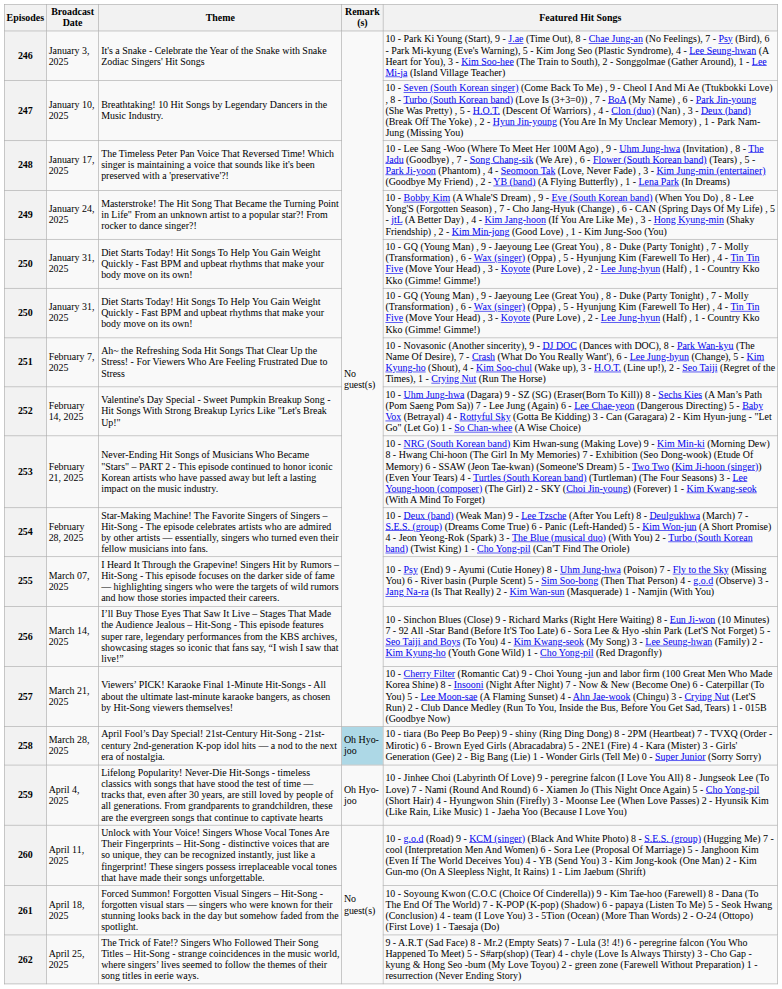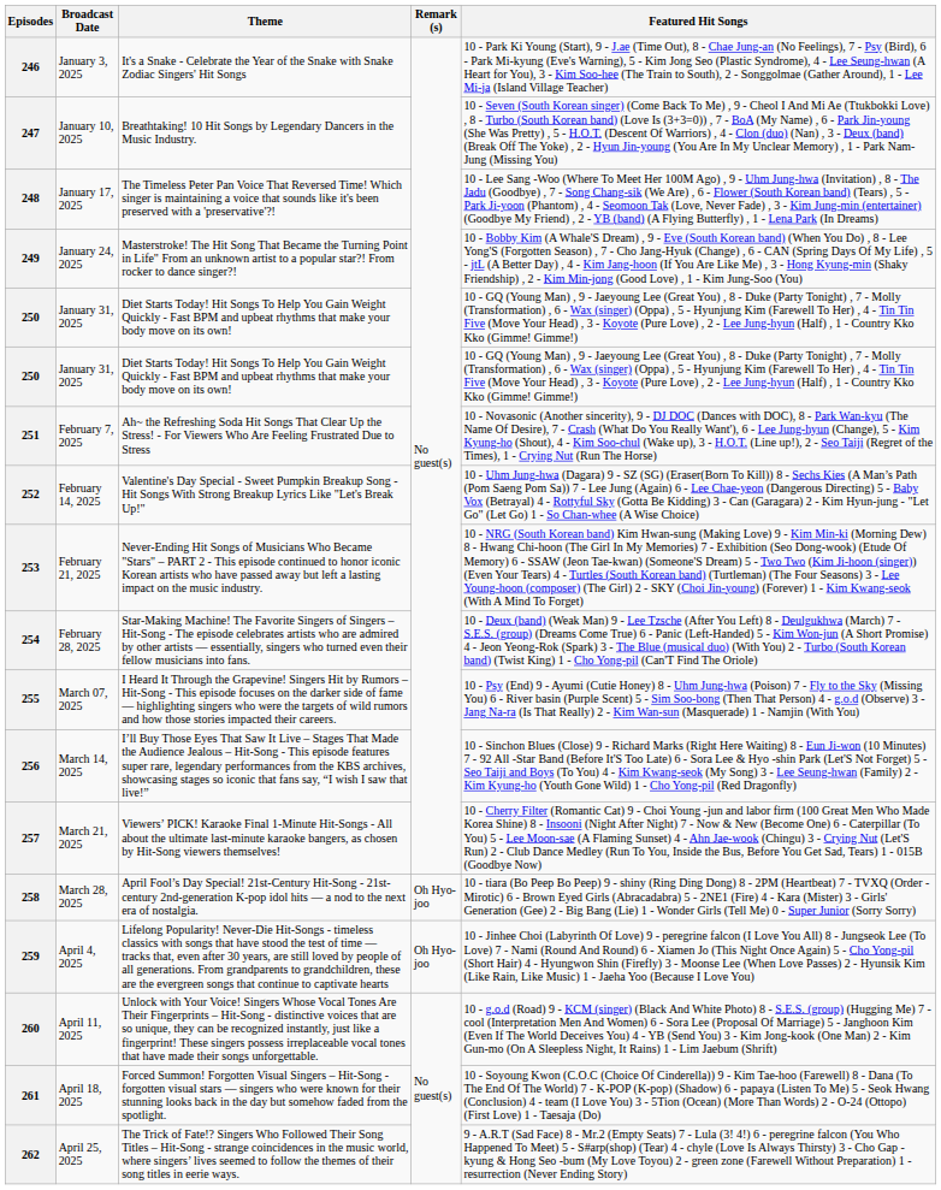 <table class="wikitable">
 <tr>
 <th>Episodes</th>
 <th>Broadcast Date</th>
 <th>Theme</th>
 <th>Remark (s)</th>
 <th>Featured Hit Songs</th>
 </tr>
 <tr>
 <th>246</th>
 <td>January 3, 2025</td>
 <td>It's a Snake - Celebrate the Year of the Snake with Snake Zodiac Singers' Hit Songs</td>
 <td rowspan="13">No guest(s)</td>
 <td>10 - Park Ki Young (Start), 9 - <a href='#'>J.ae</a> (Time Out), 8 - <a href='#'>Chae Jung-an</a> (No Feelings), 7 - <a href='#'>Psy</a> (Bird), 6 - Park Mi-kyung (Eve's Warning), 5 - Kim Jong Seo (Plastic Syndrome), 4 - <a href='#'>Lee Seung-hwan</a> (A Heart for You), 3 - <a href='#'>Kim Soo-hee</a> (The Train to South), 2 - Songgolmae (Gather Around), 1 - <a href='#'>Lee Mi-ja</a> (Island Village Teacher)</td>
 </tr>
 <tr>
 <th>247</th>
 <td>January 10, 2025</td>
 <td>Breathtaking! 10 Hit Songs by Legendary Dancers in the Music Industry.</td>
 <td>10 - <a href='#'>Seven (South Korean singer)</a> (Come Back To Me) ,  9 - Cheol I And Mi Ae (Ttukbokki Love) ,  8 - <a href='#'>Turbo (South Korean band)</a> (Love Is (3+3=0)) ,  7 - <a href='#'>BoA</a> (My Name) ,  6 - <a href='#'>Park Jin-young</a> (She Was Pretty) ,  5 - <a href='#'>H.O.T.</a> (Descent Of Warriors) ,  4 - <a href='#'>Clon (duo)</a> (Nan) ,  3 - <a href='#'>Deux (band)</a> (Break Off The Yoke) ,  2 - <a href='#'>Hyun Jin-young</a> (You Are In My Unclear Memory) ,  1 - Park Nam-Jung (Missing You)</td>
 </tr>
 <tr>
 <th>248</th>
 <td>January 17, 2025</td>
 <td>The Timeless Peter Pan Voice That Reversed Time! Which singer is maintaining a voice that sounds like it's been preserved with a 'preservative'?!</td>
 <td>10 - Lee Sang -Woo (Where To Meet Her 100M Ago) ,  9 - <a href='#'>Uhm Jung-hwa</a> (Invitation) ,  8 - <a href='#'>The Jadu</a> (Goodbye) ,  7 - <a href='#'>Song Chang-sik</a> (We Are) ,  6 - <a href='#'>Flower (South Korean band)</a> (Tears) ,  5 - <a href='#'>Park Ji-yoon</a> (Phantom) ,  4 - <a href='#'>Seomoon Tak</a> (Love, Never Fade) ,  3 - <a href='#'>Kim Jung-min (entertainer)</a> (Goodbye My Friend) ,  2 - <a href='#'>YB (band)</a> (A Flying Butterfly) ,  1 - <a href='#'>Lena Park</a> (In Dreams)</td>
 </tr>
 <tr>
 <th>249</th>
 <td>January 24, 2025</td>
 <td>Masterstroke! The Hit Song That Became the Turning Point in Life" From an unknown artist to a popular star?! From rocker to dance singer?!</td>
 <td>10 - <a href='#'>Bobby Kim</a> (A Whale'S Dream) ,  9 - <a href='#'>Eve (South Korean band)</a> (When You Do) ,  8 - Lee Yong'S (Forgotten Season) ,  7 - Cho Jang-Hyuk (Change) ,  6 - CAN (Spring Days Of My Life) ,  5 - <a href='#'>jtL</a> (A Better Day) ,  4 - <a href='#'>Kim Jang-hoon</a> (If You Are Like Me) ,  3 - <a href='#'>Hong Kyung-min</a> (Shaky Friendship) ,  2 - <a href='#'>Kim Min-jong</a> (Good Love) ,  1 - Kim Jung-Soo (You)</td>
 </tr>
 <tr>
 <th>250</th>
 <td>January 31, 2025</td>
 <td>Diet Starts Today! Hit Songs To Help You Gain Weight Quickly - Fast BPM and upbeat rhythms that make your body move on its own!</td>
 <td>10 - GQ (Young Man) , 9 - Jaeyoung Lee (Great You) , 8 - Duke (Party Tonight) , 7 - Molly (Transformation) , 6 - <a href='#'>Wax (singer)</a> (Oppa) , 5 - Hyunjung Kim (Farewell To Her) , 4 - <a href='#'>Tin Tin Five</a> (Move Your Head) , 3 - <a href='#'>Koyote</a> (Pure Love) , 2 - <a href='#'>Lee Jung-hyun</a> (Half) , 1 - Country Kko Kko (Gimme! Gimme!)</td>
 </tr>
 <tr>
 <th>250</th>
 <td>January 31, 2025</td>
 <td>Diet Starts Today! Hit Songs To Help You Gain Weight Quickly - Fast BPM and upbeat rhythms that make your body move on its own!</td>
 <td>10 - GQ (Young Man) , 9 - Jaeyoung Lee (Great You) , 8 - Duke (Party Tonight) , 7 - Molly (Transformation) , 6 - <a href='#'>Wax (singer)</a> (Oppa) , 5 - Hyunjung Kim (Farewell To Her) , 4 - <a href='#'>Tin Tin Five</a> (Move Your Head) , 3 - <a href='#'>Koyote</a> (Pure Love) , 2 - <a href='#'>Lee Jung-hyun</a> (Half) , 1 - Country Kko Kko (Gimme! Gimme!)</td>
 </tr>
 <tr>
 <th>251</th>
 <td>February 7, 2025</td>
 <td>Ah~ the Refreshing Soda Hit Songs That Clear Up the Stress! - For Viewers Who Are Feeling Frustrated Due to Stress</td>
 <td>10 - Novasonic (Another sincerity), 9 - <a href='#'>DJ DOC</a> (Dances with DOC), 8 - <a href='#'>Park Wan-kyu</a> (The Name Of Desire), 7 - <a href='#'>Crash</a> (What Do You Really Want'), 6 - <a href='#'>Lee Jung-hyun</a> (Change), 5 - <a href='#'>Kim Kyung-ho</a> (Shout), 4 - <a href='#'>Kim Soo-chul</a> (Wake up), 3 - <a href='#'>H.O.T.</a> (Line up!), 2 - <a href='#'>Seo Taiji</a> (Regret of the Times), 1 - <a href='#'>Crying Nut</a> (Run The Horse)</td>
 </tr>
 <tr>
 <th>252</th>
 <td>February 14, 2025</td>
 <td>Valentine's Day Special - Sweet Pumpkin Breakup Song - Hit Songs With Strong Breakup Lyrics Like "Let's Break Up!"</td>
 <td>10 - <a href='#'>Uhm Jung-hwa</a> (Dagara) 9 - SZ (SG)  (Eraser(Born To Kill)) 8 - <a href='#'>Sechs Kies</a> (A Man’s Path (Pom Saeng Pom Sa)) 7 - Lee Jung (Again) 6 - <a href='#'>Lee Chae-yeon</a> (Dangerous Directing) 5 - <a href='#'>Baby Vox</a> (Betrayal) 4 - <a href='#'>Rottyful Sky</a> (Gotta Be Kidding) 3 - Can (Garagara) 2 - Kim Hyun-jung - "Let Go" (Let Go) 1 - <a href='#'>So Chan-whee</a> (A Wise Choice)</td>
 </tr>
 <tr>
 <th>253</th>
 <td>February 21, 2025</td>
 <td>Never-Ending Hit Songs of Musicians Who Became "Stars" – PART 2 - This episode continued to honor iconic Korean artists who have passed away but left a lasting impact on the music industry.</td>
 <td>10 - <a href='#'>NRG (South Korean band)</a> Kim Hwan-sung (Making Love) 9 - <a href='#'>Kim Min-ki</a> (Morning Dew) 8 - Hwang Chi-hoon (The Girl In My Memories) 7 - Exhibition (Seo Dong-wook) (Etude Of Memory) 6 - SSAW (Jeon Tae-kwan) (Someone'S Dream) 5 - <a href='#'>Two Two</a> (<a href='#'>Kim Ji-hoon (singer)</a>) (Even Your Tears) 4 - <a href='#'>Turtles (South Korean band)</a> (Turtleman) (The Four Seasons) 3 - <a href='#'>Lee Young-hoon (composer)</a> (The Girl) 2 - SKY (<a href='#'>Choi Jin-young</a>) (Forever) 1 - <a href='#'>Kim Kwang-seok</a> (With A Mind To Forget)</td>
 </tr>
 <tr>
 <th>254</th>
 <td>February 28, 2025</td>
 <td>Star-Making Machine! The Favorite Singers of Singers – Hit-Song - The episode celebrates artists who are admired by other artists — essentially, singers who turned even their fellow musicians into fans.</td>
 <td>10 - <a href='#'>Deux (band)</a> (Weak Man) 9 - <a href='#'>Lee Tzsche</a> (After You Left) 8 - <a href='#'>Deulgukhwa</a> (March) 7 - <a href='#'>S.E.S. (group)</a> (Dreams Come True) 6 - Panic (Left-Handed) 5 - <a href='#'>Kim Won-jun</a> (A Short Promise) 4 - Jeon Yeong-Rok (Spark) 3 - <a href='#'>The Blue (musical duo)</a> (With You) 2 - <a href='#'>Turbo (South Korean band)</a> (Twist King) 1 - <a href='#'>Cho Yong-pil</a> (Can'T Find The Oriole)</td>
 </tr>
 <tr>
 <th>255</th>
 <td>March 07, 2025</td>
 <td>I Heard It Through the Grapevine! Singers Hit by Rumors – Hit-Song - This episode focuses on the darker side of fame — highlighting singers who were the targets of wild rumors and how those stories impacted their careers.</td>
 <td>10 - <a href='#'>Psy</a> (End) 9 - Ayumi (Cutie Honey) 8 - <a href='#'>Uhm Jung-hwa</a> (Poison) 7 - <a href='#'>Fly to the Sky</a> (Missing You) 6 - River basin (Purple Scent) 5 - <a href='#'>Sim Soo-bong</a> (Then That Person) 4 - <a href='#'>g.o.d</a> (Observe) 3 - <a href='#'>Jang Na-ra</a> (Is That Really) 2 - <a href='#'>Kim Wan-sun</a> (Masquerade) 1 - Namjin (With You)</td>
 </tr>
 <tr>
 <th>256</th>
 <td>March 14, 2025</td>
 <td>I’ll Buy Those Eyes That Saw It Live – Stages That Made the Audience Jealous – Hit-Song - This episode features super rare, legendary performances from the KBS archives, showcasing stages so iconic that fans say, “I wish I saw that live!”</td>
 <td>10 - Sinchon Blues (Close) 9 - Richard Marks (Right Here Waiting) 8 - <a href='#'>Eun Ji-won</a> (10 Minutes) 7 - 92 All -Star Band (Before It'S Too Late) 6 - Sora Lee & Hyo -shin Park (Let'S Not Forget) 5 - <a href='#'>Seo Taiji and Boys</a> (To You) 4 - <a href='#'>Kim Kwang-seok</a> (My Song) 3 - <a href='#'>Lee Seung-hwan</a> (Family) 2 - <a href='#'>Kim Kyung-ho</a> (Youth Gone Wild) 1 - <a href='#'>Cho Yong-pil</a> (Red Dragonfly)</td>
 </tr>
 <tr>
 <th>257</th>
 <td>March 21, 2025</td>
 <td>Viewers’ PICK! Karaoke Final 1-Minute Hit-Songs - All about the ultimate last-minute karaoke bangers, as chosen by Hit-Song viewers themselves!</td>
 <td>10 - <a href='#'>Cherry Filter</a> (Romantic Cat) 9 - Choi Young -jun and labor firm (100 Great Men Who Made Korea Shine) 8 - <a href='#'>Insooni</a> (Night After Night) 7 - Now & New (Become One) 6 - Caterpillar (To You) 5 - <a href='#'>Lee Moon-sae</a> (A Flaming Sunset) 4 - <a href='#'>Ahn Jae-wook</a> (Chingu) 3 - <a href='#'>Crying Nut</a> (Let'S Run) 2 - Club Dance Medley (Run To You, Inside the Bus, Before You Get Sad, Tears) 1 - 015B (Goodbye Now)</td>
 </tr>
 <tr>
 <th>258</th>
 <td>March 28, 2025</td>
 <td>April Fool’s Day Special! 21st-Century Hit-Song -  21st-century 2nd-generation K-pop idol hits — a nod to the next era of nostalgia.</td>
-<td style="background: lightblue;">Oh Hyo-joo</td>
+<td>Oh Hyo-joo</td>
 <td>10 - tiara (Bo Peep Bo Peep) 9 - shiny (Ring Ding Dong) 8 - 2PM (Heartbeat) 7 - TVXQ (Order - Mirotic) 6 - Brown Eyed Girls (Abracadabra) 5 - 2NE1 (Fire) 4 - Kara (Mister) 3 - Girls' Generation (Gee) 2 - Big Bang (Lie) 1 - Wonder Girls (Tell Me)  0 - <a href='#'>Super Junior</a> (Sorry Sorry)</td>
 </tr>
 <tr>
 <th>259</th>
 <td>April 4, 2025</td>
 <td>Lifelong Popularity! Never-Die Hit-Songs - timeless classics with songs that have stood the test of time — tracks that, even after 30 years, are still loved by people of all generations. From grandparents to grandchildren, these are the evergreen songs that continue to captivate hearts</td>
 <td>Oh Hyo-joo</td>
 <td>10 - Jinhee Choi (Labyrinth Of Love) 9 - peregrine falcon (I Love You All) 8 - Jungseok Lee (To Love) 7 - Nami (Round And Round) 6 - Xiamen Jo (This Night Once Again) 5 - <a href='#'>Cho Yong-pil</a> (Short Hair) 4 - Hyungwon Shin (Firefly) 3 - Moonse Lee (When Love Passes) 2 - Hyunsik Kim (Like Rain, Like Music) 1 - Jaeha Yoo (Because I Love You)</td>
 </tr>
 <tr>
 <th>260</th>
 <td>April 11, 2025</td>
 <td>Unlock with Your Voice! Singers Whose Vocal Tones Are Their Fingerprints – Hit-Song - distinctive voices that are so unique, they can be recognized instantly, just like a fingerprint! These singers possess irreplaceable vocal tones that have made their songs unforgettable.</td>
 <td rowspan="3">No guest(s)</td>
 <td>10 - <a href='#'>g.o.d</a> (Road) 9 - <a href='#'>KCM (singer)</a> (Black And White Photo) 8 - <a href='#'>S.E.S. (group)</a> (Hugging Me) 7 - cool (Interpretation Men And Women) 6 - Sora Lee (Proposal Of Marriage) 5 - Janghoon Kim (Even If The World Deceives You) 4 - YB (Send You) 3 - Kim Jong-kook (One Man) 2 - Kim Gun-mo (On A Sleepless Night, It Rains) 1 - Lim Jaebum (Shrift)</td>
 </tr>
 <tr>
 <th>261</th>
 <td>April 18, 2025</td>
 <td>Forced Summon! Forgotten Visual Singers – Hit-Song - forgotten visual stars — singers who were known for their stunning looks back in the day but somehow faded from the spotlight.</td>
 <td>10 - Soyoung Kwon (C.O.C (Choice Of Cinderella)) 9 - Kim Tae-hoo (Farewell) 8 - Dana (To The End Of The World) 7 - K-POP (K-pop) (Shadow) 6 - papaya (Listen To Me) 5 - Seok Hwang (Conclusion) 4 - team (I Love You) 3 - 5Tion (Ocean) (More Than Words) 2 - O-24 (Ottopo) (First Love) 1 - Taesaja (Do)</td>
 </tr>
 <tr>
 <th>262</th>
 <td>April 25, 2025</td>
 <td>The Trick of Fate!? Singers Who Followed Their Song Titles – Hit-Song - strange coincidences in the music world, where singers’ lives seemed to follow the themes of their song titles in eerie ways.</td>
 <td>9 - A.R.T (Sad Face) 8 - Mr.2 (Empty Seats) 7 - Lula (3! 4!) 6 - peregrine falcon (You Who Happened To Meet) 5 - S#arp(shop) (Tear) 4 - chyle (Love Is Always Thirsty) 3 - Cho Gap -kyung & Hong Seo -bum (My Love Toyou) 2 - green zone (Farewell Without Preparation) 1 - resurrection (Never Ending Story)</td>
 </tr>
 </table>
